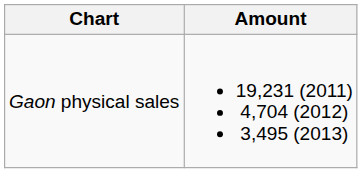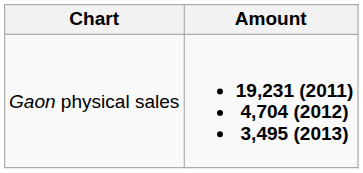 <table class="wikitable">
 <tr>
 <th>Chart</th>
 <th>Amount</th>
 </tr>
 <tr>
 <td><em>Gaon</em> physical sales</td>
-<td align="center"><br><ul><li>19,231 (2011)</li><li>4,704 (2012)</li><li>3,495 (2013)</li></ul></td>
+<td align="center"><strong><br><ul><li>19,231 (2011)</li><li>4,704 (2012)</li><li>3,495 (2013)</li></ul></strong></td>
 </tr>
 </table>
